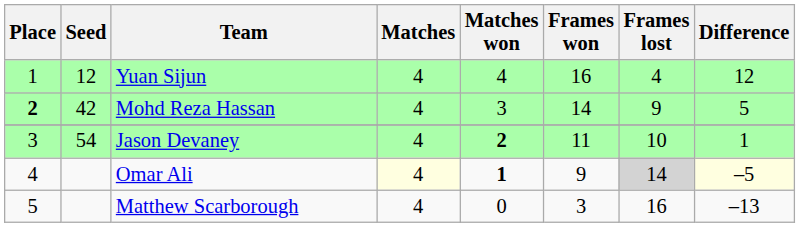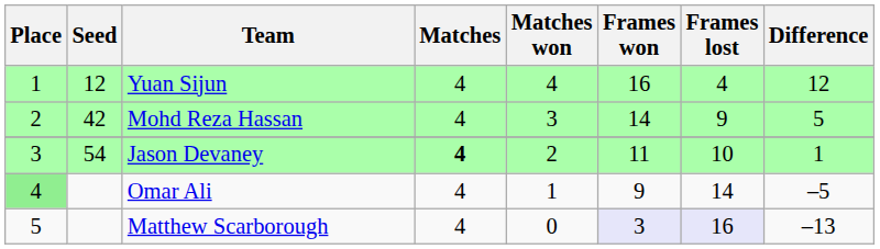 <table class="wikitable" style="text-align: center;">
 <tr>
 <th width=20>Place</th>
 <th width=20>Seed</th>
 <th width=200>Team</th>
 <th width=20>Matches</th>
 <th width=20>Matches won</th>
 <th width=20>Frames won</th>
 <th width=20>Frames lost</th>
 <th width=20>Difference</th>
 </tr>
 <tr style="background:#aaffaa;">
 <td>1</td>
 <td>12</td>
 <td style="text-align:left;"> <a href='#'>Yuan Sijun</a></td>
 <td>4</td>
 <td>4</td>
 <td>16</td>
 <td>4</td>
 <td>12</td>
 </tr>
 <tr style="background:#aaffaa;">
-<td><strong>2</strong></td>
+<td>2</td>
 <td>42</td>
 <td style="text-align:left;"> <a href='#'>Mohd Reza Hassan</a></td>
 <td>4</td>
 <td>3</td>
 <td>14</td>
 <td>9</td>
 <td>5</td>
 </tr>
 <tr>
 </tr>
 <tr style="background:#aaffaa;">
 <td>3</td>
 <td>54</td>
 <td style="text-align:left;"> <a href='#'>Jason Devaney</a></td>
-<td>4</td>
-<td><strong>2</strong></td>
+<td><strong>4</strong></td>
+<td>2</td>
 <td>11</td>
 <td>10</td>
 <td>1</td>
 </tr>
 <tr>
-<td>4</td>
+<td style="background: lightgreen;">4</td>
 <td></td>
 <td style="text-align:left;"> <a href='#'>Omar Ali</a></td>
-<td style="background: lightyellow;">4</td>
-<td><strong>1</strong></td>
+<td>4</td>
+<td>1</td>
 <td>9</td>
-<td style="background: lightgrey;">14</td>
-<td style="background: lightyellow;">–5</td>
+<td>14</td>
+<td>–5</td>
 </tr>
 <tr>
 <td>5</td>
 <td></td>
 <td style="text-align:left;"> <a href='#'>Matthew Scarborough</a></td>
 <td>4</td>
 <td>0</td>
-<td>3</td>
-<td>16</td>
+<td style="background: lavender;">3</td>
+<td style="background: lavender;">16</td>
 <td>–13</td>
 </tr>
 </table>
